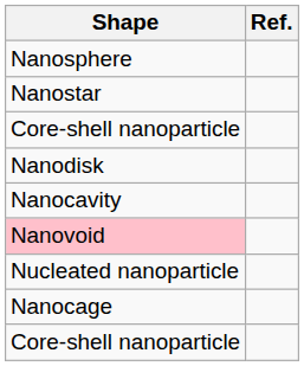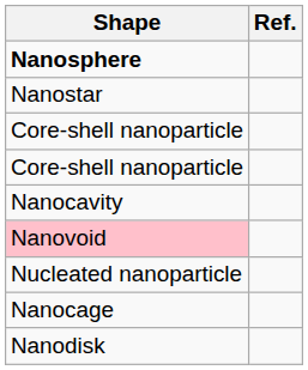 <table class="wikitable">
 <tr>
 <th>Shape</th>
 <th>Ref.</th>
 </tr>
 <tr>
-<td>Nanosphere</td>
+<td><strong>Nanosphere</strong></td>
 <td></td>
 </tr>
 <tr>
 <td>Nanostar</td>
 <td></td>
 </tr>
 <tr>
 <td>Core-shell nanoparticle</td>
 <td></td>
 </tr>
 <tr>
-<td>Nanodisk</td>
+<td>Core-shell nanoparticle</td>
 <td></td>
 </tr>
 <tr>
 <td>Nanocavity</td>
 <td></td>
 </tr>
 <tr>
 <td style="background: pink;">Nanovoid</td>
 <td></td>
 </tr>
 <tr>
 <td>Nucleated nanoparticle</td>
 <td></td>
 </tr>
 <tr>
 <td>Nanocage</td>
 <td></td>
 </tr>
 <tr>
-<td>Core-shell nanoparticle</td>
+<td>Nanodisk</td>
 <td></td>
 </tr>
 </table>
